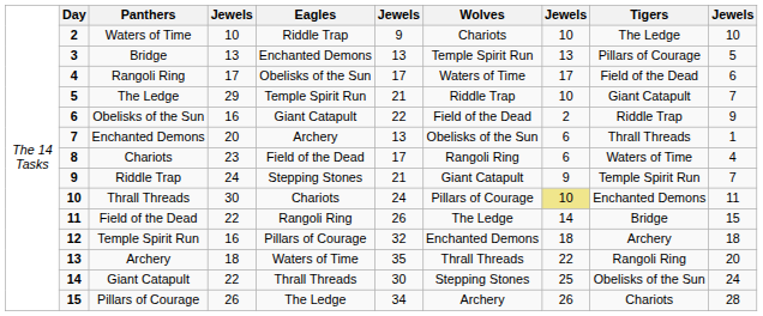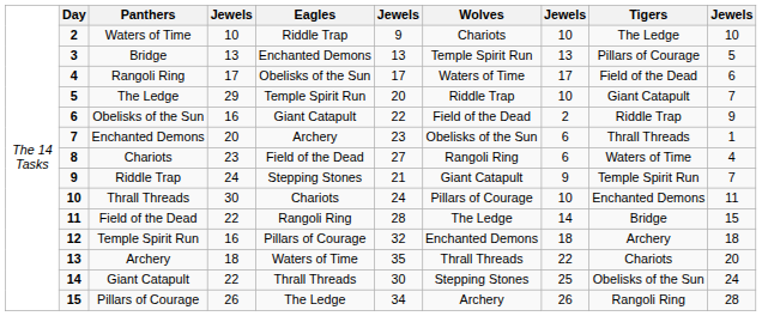 <table class="wikitable">
 <tr>
 <td rowspan="15" bgcolor="white" style="color:black" width="60" align="center"><em>The 14 Tasks</em></td>
 <th>Day</th>
 <th>Panthers</th>
 <th>Jewels</th>
 <th>Eagles</th>
 <th>Jewels</th>
 <th>Wolves</th>
 <th>Jewels</th>
 <th>Tigers</th>
 <th>Jewels</th>
 </tr>
 <tr>
 <td align="center"><strong>2</strong></td>
 <td align="center">Waters of Time</td>
 <td align="center">10</td>
 <td align="center">Riddle Trap</td>
 <td align="center">9</td>
 <td align="center">Chariots</td>
 <td align="center">10</td>
 <td align="center">The Ledge</td>
 <td align="center">10</td>
 </tr>
 <tr>
 <td align="center"><strong>3</strong></td>
 <td align="center">Bridge</td>
 <td align="center">13</td>
 <td align="center">Enchanted Demons</td>
 <td align="center">13</td>
 <td align="center">Temple Spirit Run</td>
 <td align="center">13</td>
 <td align="center">Pillars of Courage</td>
 <td align="center">5</td>
 </tr>
 <tr>
 <td align="center"><strong>4</strong></td>
 <td align="center">Rangoli Ring</td>
 <td align="center">17</td>
 <td align="center">Obelisks of the Sun</td>
 <td align="center">17</td>
 <td align="center">Waters of Time</td>
 <td align="center">17</td>
 <td align="center">Field of the Dead</td>
 <td align="center">6</td>
 </tr>
 <tr>
 <td align="center"><strong>5</strong></td>
 <td align="center">The Ledge</td>
 <td align="center">29</td>
 <td align="center">Temple Spirit Run</td>
-<td align="center">21</td>
+<td align="center">20</td>
 <td align="center">Riddle Trap</td>
 <td align="center">10</td>
 <td align="center">Giant Catapult</td>
 <td align="center">7</td>
 </tr>
 <tr>
 <td align="center"><strong>6</strong></td>
 <td align="center">Obelisks of the Sun</td>
 <td align="center">16</td>
 <td align="center">Giant Catapult</td>
 <td align="center">22</td>
 <td align="center">Field of the Dead</td>
 <td align="center">2</td>
 <td align="center">Riddle Trap</td>
 <td align="center">9</td>
 </tr>
 <tr>
 <td align="center"><strong>7</strong></td>
 <td align="center">Enchanted Demons</td>
 <td align="center">20</td>
 <td align="center">Archery</td>
-<td align="center">13</td>
+<td align="center">23</td>
 <td align="center">Obelisks of the Sun</td>
 <td align="center">6</td>
 <td align="center">Thrall Threads</td>
 <td align="center">1</td>
 </tr>
 <tr>
 <td align="center"><strong>8</strong></td>
 <td align="center">Chariots</td>
 <td align="center">23</td>
 <td align="center">Field of the Dead</td>
-<td align="center">17</td>
+<td align="center">27</td>
 <td align="center">Rangoli Ring</td>
 <td align="center">6</td>
 <td align="center">Waters of Time</td>
 <td align="center">4</td>
 </tr>
 <tr>
 <td align="center"><strong>9</strong></td>
 <td align="center">Riddle Trap</td>
 <td align="center">24</td>
 <td align="center">Stepping Stones</td>
 <td align="center">21</td>
 <td align="center">Giant Catapult</td>
 <td align="center">9</td>
 <td align="center">Temple Spirit Run</td>
 <td align="center">7</td>
 </tr>
 <tr>
 <td align="center"><strong>10</strong></td>
 <td align="center">Thrall Threads</td>
 <td align="center">30</td>
 <td align="center">Chariots</td>
 <td align="center">24</td>
 <td align="center">Pillars of Courage</td>
-<td align="center" style="background: khaki;">10</td>
+<td align="center">10</td>
 <td align="center">Enchanted Demons</td>
 <td align="center">11</td>
 </tr>
 <tr>
 <td align="center"><strong>11</strong></td>
 <td align="center">Field of the Dead</td>
 <td align="center">22</td>
 <td align="center">Rangoli Ring</td>
-<td align="center">26</td>
+<td align="center">28</td>
 <td align="center">The Ledge</td>
 <td align="center">14</td>
 <td align="center">Bridge</td>
 <td align="center">15</td>
 </tr>
 <tr>
 <td align="center"><strong>12</strong></td>
 <td align="center">Temple Spirit Run</td>
 <td align="center">16</td>
 <td align="center">Pillars of Courage</td>
 <td align="center">32</td>
 <td align="center">Enchanted Demons</td>
 <td align="center">18</td>
 <td align="center">Archery</td>
 <td align="center">18</td>
 </tr>
 <tr>
 <td align="center"><strong>13</strong></td>
 <td align="center">Archery</td>
 <td align="center">18</td>
 <td align="center">Waters of Time</td>
 <td align="center">35</td>
 <td align="center">Thrall Threads</td>
 <td align="center">22</td>
-<td align="center">Rangoli Ring</td>
+<td align="center">Chariots</td>
 <td align="center">20</td>
 </tr>
 <tr>
 <td align="center"><strong>14</strong></td>
 <td align="center">Giant Catapult</td>
 <td align="center">22</td>
 <td align="center">Thrall Threads</td>
 <td align="center">30</td>
 <td align="center">Stepping Stones</td>
 <td align="center">25</td>
 <td align="center">Obelisks of the Sun</td>
 <td align="center">24</td>
 </tr>
 <tr>
 <td align="center"><strong>15</strong></td>
 <td align="center">Pillars of Courage</td>
 <td align="center">26</td>
 <td align="center">The Ledge</td>
 <td align="center">34</td>
 <td align="center">Archery</td>
 <td align="center">26</td>
-<td align="center">Chariots</td>
+<td align="center">Rangoli Ring</td>
 <td align="center">28</td>
 </tr>
 </table>
